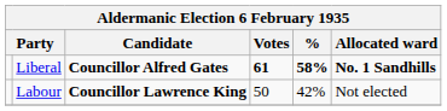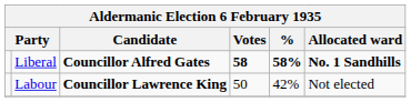 <table class="wikitable">
 <tr>
 <th colspan="6"><strong>Aldermanic Election 6 February 1935</strong></th>
 </tr>
 <tr>
 <th colspan="2">Party</th>
 <th>Candidate</th>
 <th>Votes</th>
 <th>%</th>
 <th>Allocated ward</th>
 </tr>
 <tr>
 <td style="background-color:"></td>
 <td><a href='#'>Liberal</a></td>
 <td><strong>Councillor Alfred Gates</strong></td>
-<td><strong>61</strong></td>
+<td><strong>58</strong></td>
 <td><strong>58%</strong></td>
 <td><strong>No. 1 Sandhills</strong></td>
 </tr>
 <tr>
 <td style="background-color:"></td>
 <td><a href='#'>Labour</a></td>
 <td><strong>Councillor Lawrence King</strong></td>
 <td>50</td>
 <td>42%</td>
 <td>Not elected</td>
 </tr>
 <tr>
 </tr>
 </table>
